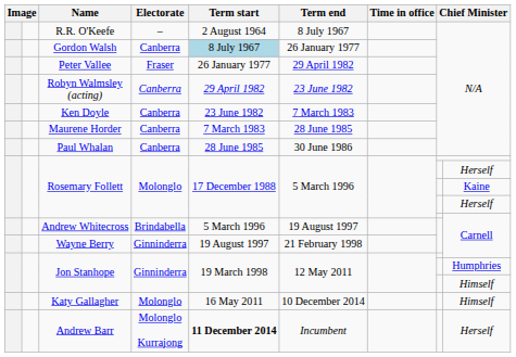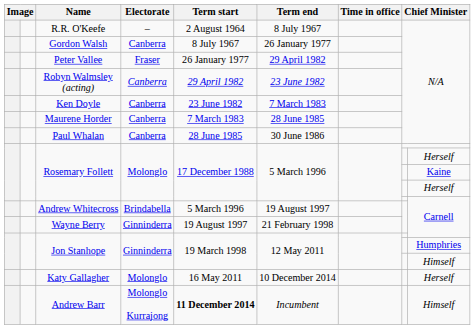 <table class="wikitable" style="text-align:center">
 <tr>
 <th colspan=2>Image</th>
 <th>Name<br></th>
 <th>Electorate</th>
 <th>Term start</th>
 <th>Term end</th>
 <th>Time in office</th>
 <th colspan=2>Chief Minister </th>
 </tr>
 <tr>
 <th style="background:"></th>
 <td></td>
 <td>R.R. O'Keefe</td>
 <td>–</td>
 <td>2 August 1964</td>
 <td>8 July 1967</td>
 <td></td>
 <td rowspan=7; colspan=3><em>N/A</em></td>
 </tr>
 <tr>
 <th style="background:"></th>
 <td></td>
 <td><a href='#'>Gordon Walsh</a><br></td>
 <td><a href='#'>Canberra</a><br></td>
-<td style="background: lightblue;">8 July 1967</td>
+<td>8 July 1967</td>
 <td>26 January 1977</td>
 <td></td>
 </tr>
 <tr>
 <th style="background:"></th>
 <td></td>
 <td><a href='#'>Peter Vallee</a></td>
 <td><a href='#'>Fraser</a></td>
 <td>26 January 1977</td>
 <td><a href='#'>29 April 1982</a></td>
 <td></td>
 </tr>
 <tr>
 <th style="background:"></th>
 <td></td>
 <td><a href='#'>Robyn Walmsley</a><br><em>(acting)</em><br><em></em></td>
 <td><em><a href='#'>Canberra</a></em></td>
 <td><em><a href='#'>29 April 1982</a></em></td>
 <td><em><a href='#'>23 June 1982</a></em></td>
 <td><em></em></td>
 </tr>
 <tr>
 <th style="background:"></th>
 <td></td>
 <td><a href='#'>Ken Doyle</a></td>
 <td><a href='#'>Canberra</a></td>
 <td><a href='#'>23 June 1982</a></td>
 <td><a href='#'>7 March 1983</a></td>
 <td></td>
 </tr>
 <tr>
 <th style="background:"></th>
 <td></td>
 <td><a href='#'>Maurene Horder</a> <br> </td>
 <td><a href='#'>Canberra</a></td>
 <td><a href='#'>7 March 1983</a></td>
 <td><a href='#'>28 June 1985</a></td>
 <td></td>
 </tr>
 <tr>
 <th style="background:"></th>
 <td></td>
 <td><a href='#'>Paul Whalan</a> <br> </td>
 <td><a href='#'>Canberra</a></td>
 <td><a href='#'>28 June 1985</a></td>
 <td>30 June 1986</td>
 <td></td>
 </tr>
 <tr>
 <th rowspan=5; style="background:"></th>
 <td rowspan=5></td>
 <td rowspan=5><a href='#'>Rosemary Follett</a> <br> </td>
 <td rowspan=5><a href='#'>Molonglo</a><br></td>
 <td rowspan=5><a href='#'>17 December 1988</a></td>
 <td rowspan=5>5 March 1996</td>
 <td rowspan=5></td>
 <td colspan=2></td>
 </tr>
 <tr>
 <td style="background-color: "></td>
 <td><em>Herself</em> </td>
 </tr>
 <tr>
 <td style="background-color: "></td>
 <td><a href='#'>Kaine</a> </td>
 </tr>
 <tr>
 <td style="background-color: "></td>
 <td><em>Herself</em> </td>
 </tr>
 <tr>
 <td style="background-color: "></td>
 <td rowspan=4><a href='#'>Carnell</a> </td>
 </tr>
 <tr>
 <th style="background:"></th>
 <td></td>
 <td><a href='#'>Andrew Whitecross</a> <br> </td>
 <td><a href='#'>Brindabella</a></td>
 <td>5 March 1996</td>
 <td>19 August 1997</td>
 <td></td>
 <td rowspan=2; style="background-color: "></td>
 </tr>
 <tr>
 <th style="background:"></th>
 <td></td>
 <td><a href='#'>Wayne Berry</a> <br> </td>
 <td><a href='#'>Ginninderra</a></td>
 <td>19 August 1997</td>
 <td>21 February 1998</td>
 <td></td>
 </tr>
 <tr>
 <th rowspan=3; style="background:"></th>
 <td rowspan=3></td>
 <td rowspan=3><a href='#'>Jon Stanhope</a> <br> </td>
 <td rowspan=3><a href='#'>Ginninderra</a></td>
 <td rowspan=3>19 March 1998</td>
 <td rowspan=3>12 May 2011</td>
 <td rowspan=3></td>
 <td style="background-color: "></td>
 </tr>
 <tr>
 <td style="background-color: "></td>
 <td><a href='#'>Humphries</a> </td>
 </tr>
 <tr>
 <td style="background-color: "></td>
 <td><em>Himself</em> </td>
 </tr>
 <tr>
 <th style="background:"></th>
 <td></td>
 <td><a href='#'>Katy Gallagher</a> <br> </td>
 <td><a href='#'>Molonglo</a></td>
 <td>16 May 2011</td>
 <td>10 December 2014</td>
 <td></td>
 <td style="background-color: "></td>
-<td><em>Himself</em> </td>
+<td><em>Herself</em> </td>
 </tr>
 <tr>
 <th style="background:"></th>
 <td></td>
 <td><a href='#'>Andrew Barr</a> <br> </td>
 <td><a href='#'>Molonglo</a><br><br><a href='#'>Kurrajong</a><br></td>
 <td><strong>11 December 2014</strong></td>
 <td><em>Incumbent</em></td>
 <td></td>
 <td style="background-color: "></td>
-<td><em>Herself</em> </td>
+<td><em>Himself</em> </td>
 </tr>
 </table>
